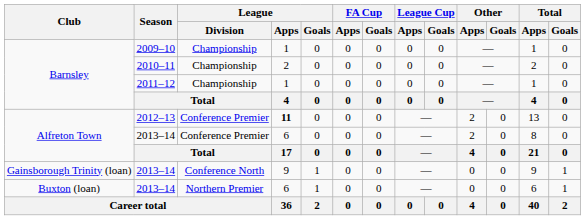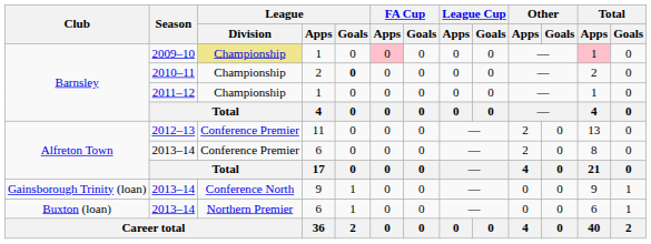 <table class="wikitable" style="text-align:center">
 <tr>
 <th rowspan=2>Club</th>
 <th rowspan=2>Season</th>
 <th colspan=3>League</th>
 <th colspan=2><a href='#'>FA Cup</a></th>
 <th colspan=2><a href='#'>League Cup</a></th>
 <th colspan=2>Other</th>
 <th colspan=2>Total</th>
 </tr>
 <tr>
 <th>Division</th>
 <th>Apps</th>
 <th>Goals</th>
 <th>Apps</th>
 <th>Goals</th>
 <th>Apps</th>
 <th>Goals</th>
 <th>Apps</th>
 <th>Goals</th>
 <th>Apps</th>
 <th>Goals</th>
 </tr>
 <tr>
 <td rowspan=4><a href='#'>Barnsley</a></td>
 <td><a href='#'>2009–10</a></td>
-<td><a href='#'>Championship</a></td>
+<td style="background: khaki;"><a href='#'>Championship</a></td>
 <td>1</td>
 <td>0</td>
-<td>0</td>
+<td style="background: pink;">0</td>
 <td>0</td>
 <td>0</td>
 <td>0</td>
 <td colspan=2>—</td>
-<td>1</td>
+<td style="background: pink;">1</td>
 <td>0</td>
 </tr>
 <tr>
 <td><a href='#'>2010–11</a></td>
 <td>Championship</td>
 <td>2</td>
-<td>0</td>
+<td><strong>0</strong></td>
 <td>0</td>
 <td>0</td>
 <td>0</td>
 <td>0</td>
 <td colspan=2>—</td>
 <td>2</td>
 <td>0</td>
 </tr>
 <tr>
 <td><a href='#'>2011–12</a></td>
 <td>Championship</td>
 <td>1</td>
 <td>0</td>
 <td>0</td>
 <td>0</td>
 <td>0</td>
 <td>0</td>
 <td colspan=2>—</td>
 <td>1</td>
 <td>0</td>
 </tr>
 <tr>
 <th colspan=2>Total</th>
 <th>4</th>
 <th>0</th>
 <th>0</th>
 <th>0</th>
 <th>0</th>
 <th>0</th>
 <th colspan=2>—</th>
 <th>4</th>
 <th>0</th>
 </tr>
 <tr>
 <td rowspan=3><a href='#'>Alfreton Town</a></td>
 <td><a href='#'>2012–13</a></td>
 <td><a href='#'>Conference Premier</a></td>
-<td><strong>11</strong></td>
+<td>11</td>
 <td>0</td>
 <td>0</td>
 <td>0</td>
 <td colspan=2>—</td>
 <td>2</td>
 <td>0</td>
 <td>13</td>
 <td>0</td>
 </tr>
 <tr>
 <td>2013–14</td>
 <td>Conference Premier</td>
 <td>6</td>
 <td>0</td>
 <td>0</td>
 <td>0</td>
 <td colspan=2>—</td>
 <td>2</td>
 <td>0</td>
 <td>8</td>
 <td>0</td>
 </tr>
 <tr>
 <th colspan=2>Total</th>
 <th>17</th>
 <th>0</th>
 <th>0</th>
 <th>0</th>
 <th colspan=2>—</th>
 <th>4</th>
 <th>0</th>
 <th>21</th>
 <th>0</th>
 </tr>
 <tr>
 <td><a href='#'>Gainsborough Trinity</a> (loan)</td>
 <td><a href='#'>2013–14</a></td>
 <td><a href='#'>Conference North</a></td>
 <td>9</td>
 <td>1</td>
 <td>0</td>
 <td>0</td>
 <td colspan=2>—</td>
 <td>0</td>
 <td>0</td>
 <td>9</td>
 <td>1</td>
 </tr>
 <tr>
 <td><a href='#'>Buxton</a> (loan)</td>
 <td><a href='#'>2013–14</a></td>
 <td><a href='#'>Northern Premier</a></td>
 <td>6</td>
 <td>1</td>
 <td>0</td>
 <td>0</td>
 <td colspan=2>—</td>
 <td>0</td>
 <td>0</td>
 <td>6</td>
 <td>1</td>
 </tr>
 <tr>
 <th colspan=3>Career total</th>
 <th>36</th>
 <th>2</th>
 <th>0</th>
 <th>0</th>
 <th>0</th>
 <th>0</th>
 <th>4</th>
 <th>0</th>
 <th>40</th>
 <th>2</th>
 </tr>
 </table>
